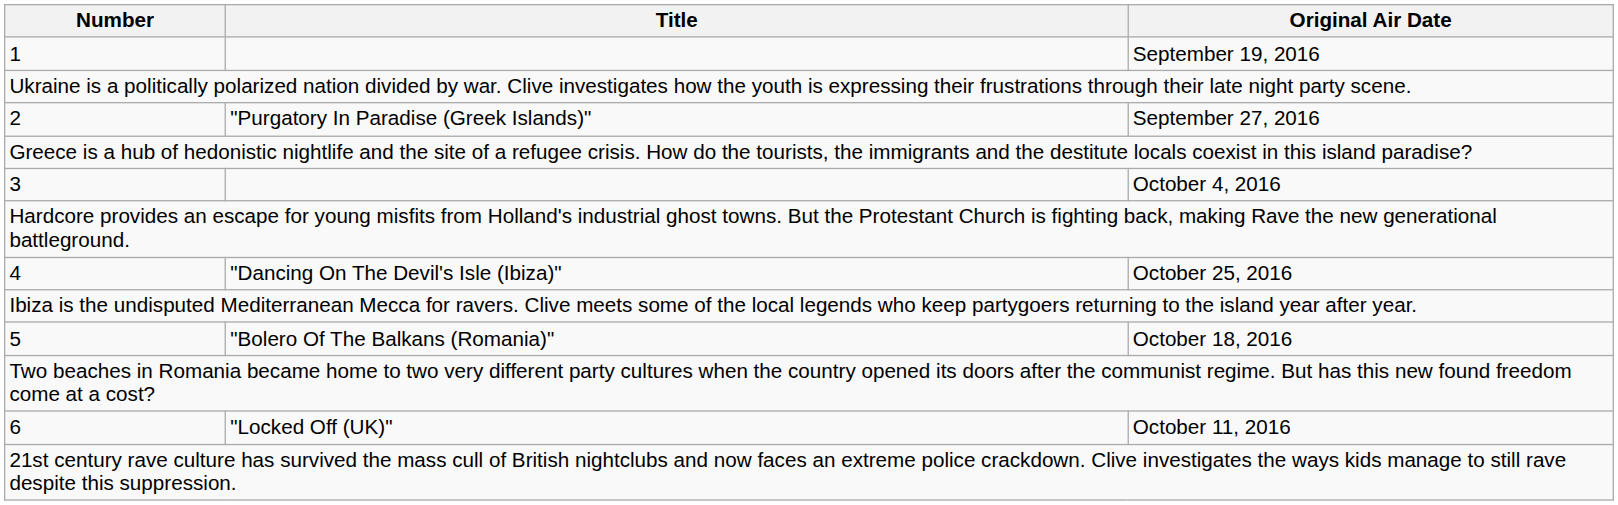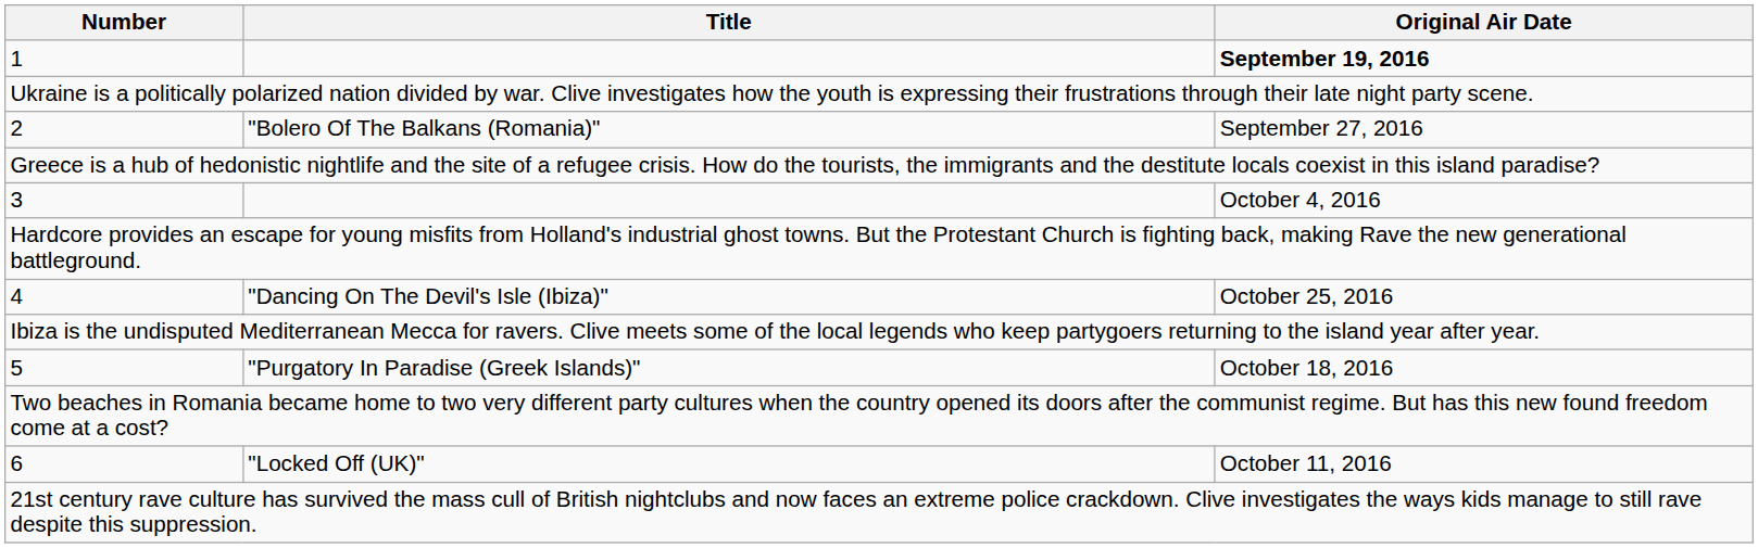 <table class="wikitable">
 <tr>
 <th>Number</th>
 <th>Title</th>
 <th>Original Air Date</th>
 </tr>
 <tr>
 <td>1</td>
 <td></td>
-<td>September 19, 2016</td>
+<td><strong>September 19, 2016</strong></td>
 </tr>
 <tr>
 <td colspan="3">Ukraine is a politically polarized nation divided by war. Clive investigates how the youth is expressing their frustrations through their late night party scene.</td>
 </tr>
 <tr>
 <td>2</td>
-<td>"Purgatory In Paradise (Greek Islands)"</td>
+<td>"Bolero Of The Balkans (Romania)"</td>
 <td>September 27, 2016</td>
 </tr>
 <tr>
 <td colspan="3">Greece is a hub of hedonistic nightlife and the site of a refugee crisis. How do the tourists, the immigrants and the destitute locals coexist in this island paradise?</td>
 </tr>
 <tr>
 <td>3</td>
 <td></td>
 <td>October 4, 2016</td>
 </tr>
 <tr>
 <td colspan="3">Hardcore provides an escape for young misfits from Holland's industrial ghost towns. But the Protestant Church is fighting back, making Rave the new generational battleground.</td>
 </tr>
 <tr>
 <td>4</td>
 <td>"Dancing On The Devil's Isle (Ibiza)"</td>
 <td>October 25, 2016</td>
 </tr>
 <tr>
 <td colspan="3">Ibiza is the undisputed Mediterranean Mecca for ravers. Clive meets some of the local legends who keep partygoers returning to the island year after year.</td>
 </tr>
 <tr>
 <td>5</td>
-<td>"Bolero Of The Balkans (Romania)"</td>
+<td>"Purgatory In Paradise (Greek Islands)"</td>
 <td>October 18, 2016</td>
 </tr>
 <tr>
 <td colspan="3">Two beaches in Romania became home to two very different party cultures when the country opened its doors after the communist regime. But has this new found freedom come at a cost?</td>
 </tr>
 <tr>
 <td>6</td>
 <td>"Locked Off (UK)"</td>
 <td>October 11, 2016</td>
 </tr>
 <tr>
 <td colspan="3">21st century rave culture has survived the mass cull of British nightclubs and now faces an extreme police crackdown. Clive investigates the ways kids manage to still rave despite this suppression.</td>
 </tr>
 </table>
